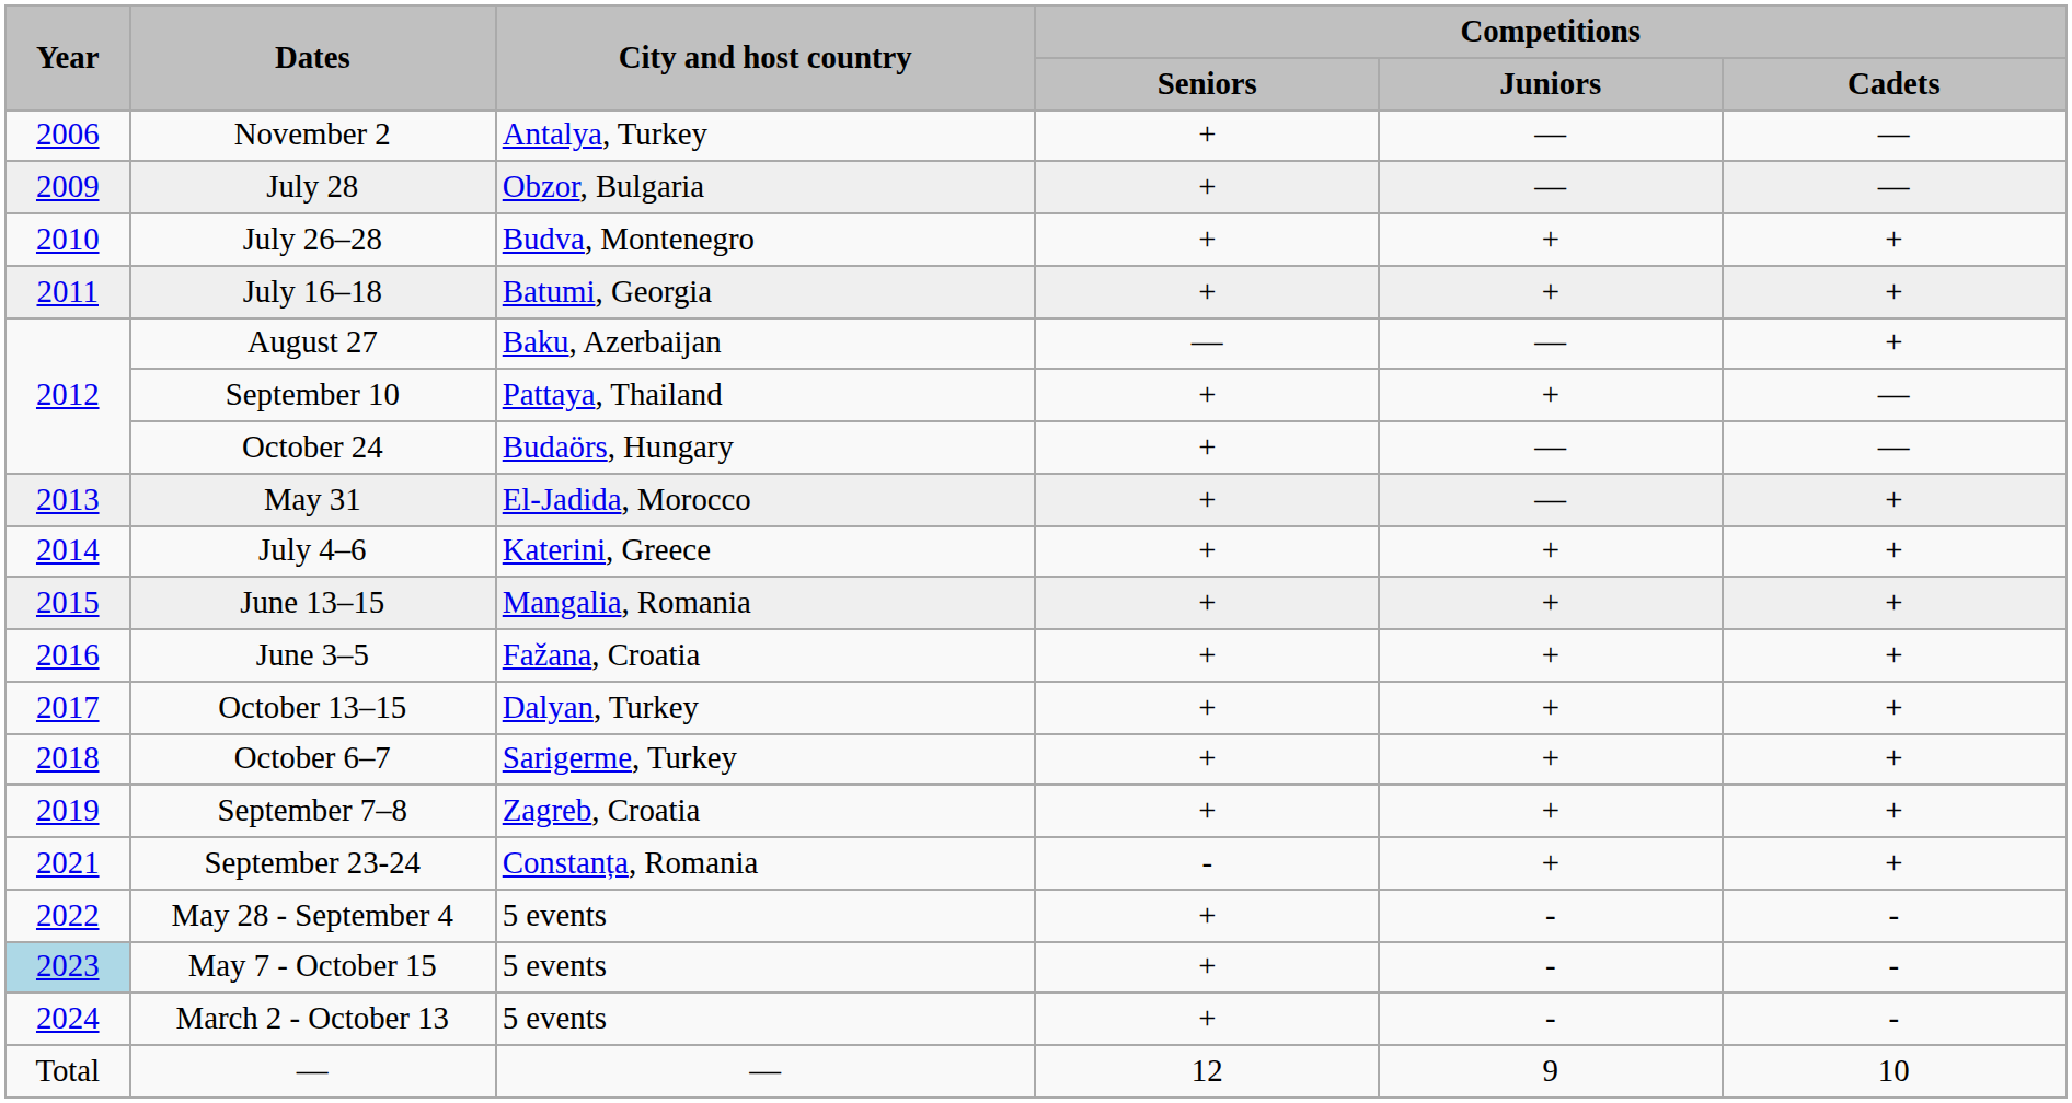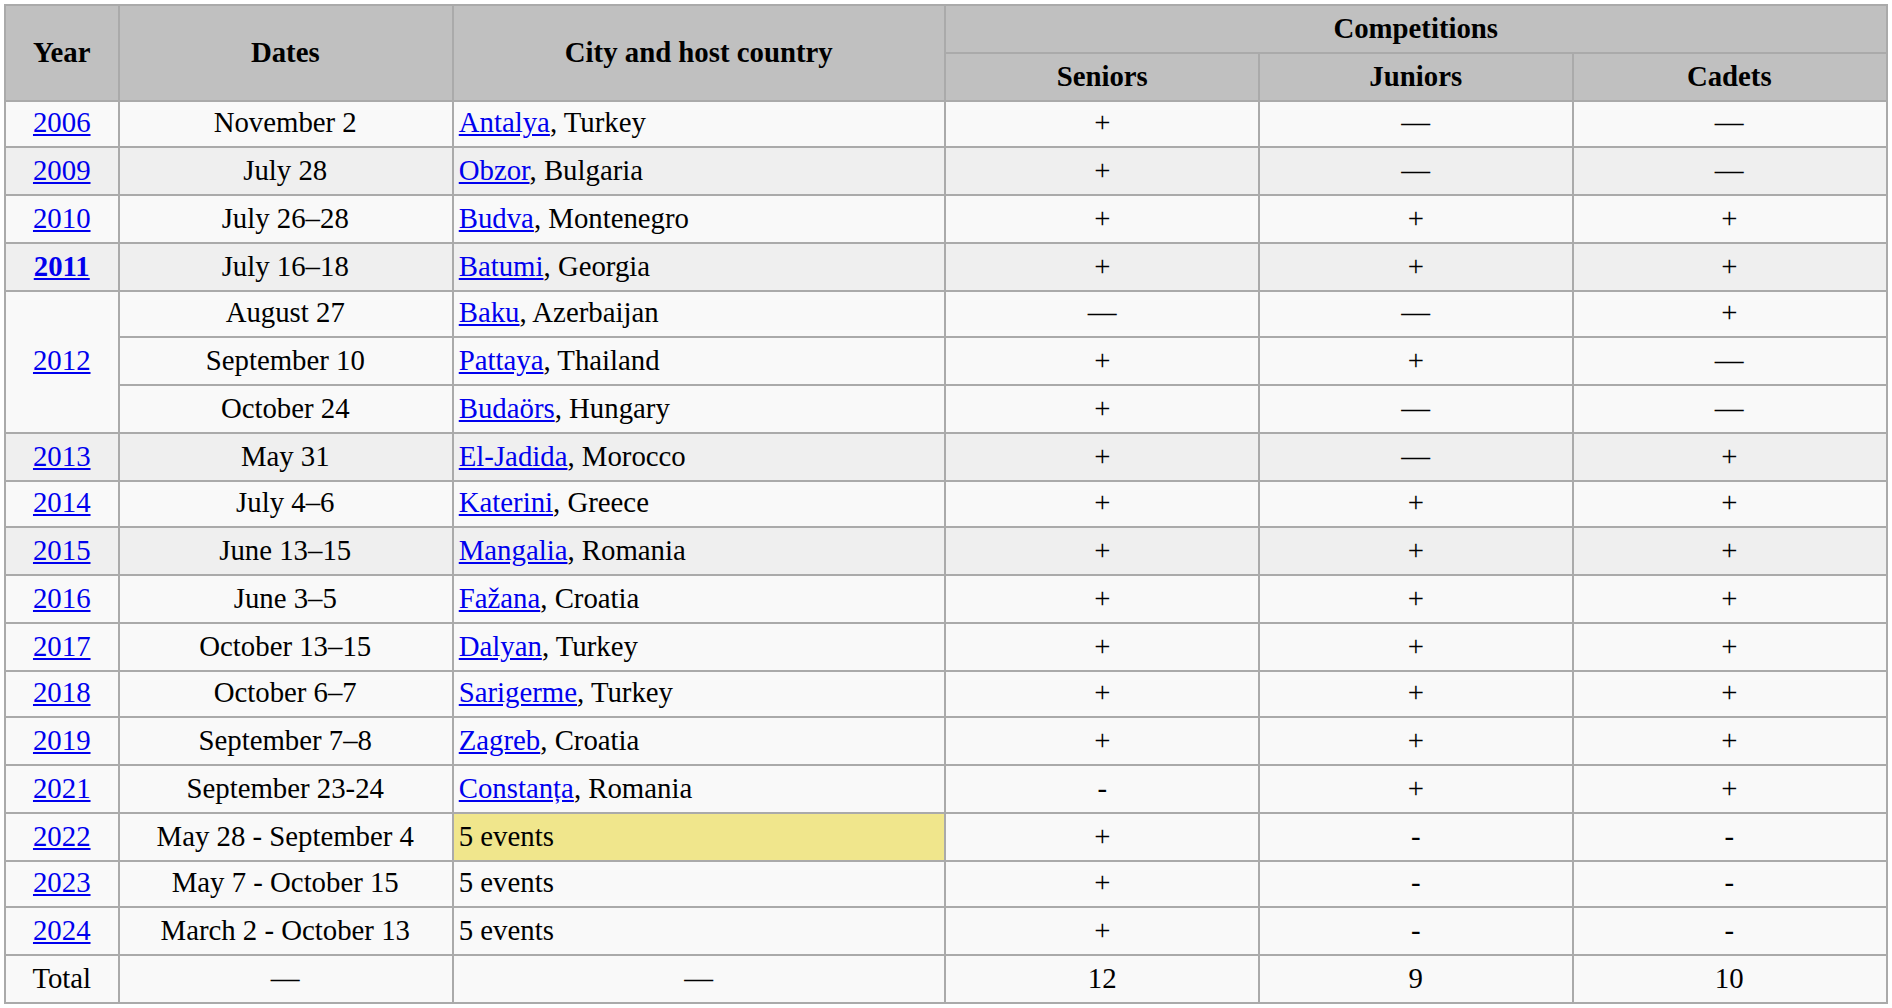 <table class="wikitable" style="text-align:center; font-size:90%">
 <tr>
 <th rowspan=2 style="width: 50px; background-color:#C0C0C0">Year</th>
 <th rowspan=2 style="width: 160px; background-color:#C0C0C0">Dates</th>
 <th rowspan=2 style="width: 240px; background-color:#C0C0C0">City and host country</th>
 <th colspan=3 style="width: 20px; background-color:#C0C0C0">Competitions</th>
 </tr>
 <tr>
 <th style="width: 150px; background-color:#C0C0C0">Seniors</th>
 <th style="width: 150px; background-color:#C0C0C0">Juniors</th>
 <th style="width: 150px; background-color:#C0C0C0">Cadets</th>
 </tr>
 <tr>
 <td><a href='#'>2006</a></td>
 <td>November 2</td>
 <td align="left"> <a href='#'>Antalya</a>, Turkey</td>
 <td>+</td>
 <td>—</td>
 <td>—</td>
 </tr>
 <tr bgcolor="efefef">
 <td><a href='#'>2009</a></td>
 <td>July 28</td>
 <td align="left"> <a href='#'>Obzor</a>, Bulgaria</td>
 <td>+</td>
 <td>—</td>
 <td>—</td>
 </tr>
 <tr>
 <td><a href='#'>2010</a></td>
 <td>July 26–28</td>
 <td align="left"> <a href='#'>Budva</a>, Montenegro</td>
 <td>+</td>
 <td>+</td>
 <td>+</td>
 </tr>
 <tr bgcolor="efefef">
-<td><a href='#'>2011</a></td>
+<td><strong><a href='#'>2011</a></strong></td>
 <td>July 16–18</td>
 <td align="left"> <a href='#'>Batumi</a>, Georgia</td>
 <td>+</td>
 <td>+</td>
 <td>+</td>
 </tr>
 <tr>
 <td rowspan=3><a href='#'>2012</a></td>
 <td>August 27</td>
 <td align="left"> <a href='#'>Baku</a>, Azerbaijan</td>
 <td>—</td>
 <td>—</td>
 <td>+</td>
 </tr>
 <tr>
 <td>September 10</td>
 <td align="left"> <a href='#'>Pattaya</a>, Thailand</td>
 <td>+</td>
 <td>+</td>
 <td>—</td>
 </tr>
 <tr>
 <td>October 24</td>
 <td align="left"> <a href='#'>Budaörs</a>, Hungary</td>
 <td>+</td>
 <td>—</td>
 <td>—</td>
 </tr>
 <tr bgcolor="efefef">
 <td><a href='#'>2013</a></td>
 <td>May 31</td>
 <td align="left"> <a href='#'>El-Jadida</a>, Morocco</td>
 <td>+</td>
 <td>—</td>
 <td>+</td>
 </tr>
 <tr>
 <td><a href='#'>2014</a></td>
 <td>July 4–6</td>
 <td align="left"> <a href='#'>Katerini</a>, Greece</td>
 <td>+</td>
 <td>+</td>
 <td>+</td>
 </tr>
 <tr bgcolor="efefef">
 <td><a href='#'>2015</a></td>
 <td>June 13–15</td>
 <td align="left"> <a href='#'>Mangalia</a>, Romania</td>
 <td>+</td>
 <td>+</td>
 <td>+</td>
 </tr>
 <tr>
 <td><a href='#'>2016</a></td>
 <td>June 3–5</td>
 <td align="left"> <a href='#'>Fažana</a>, Croatia</td>
 <td>+</td>
 <td>+</td>
 <td>+</td>
 </tr>
 <tr>
 <td><a href='#'>2017</a></td>
 <td>October 13–15</td>
 <td align="left"> <a href='#'>Dalyan</a>, Turkey</td>
 <td>+</td>
 <td>+</td>
 <td>+</td>
 </tr>
 <tr>
 <td><a href='#'>2018</a></td>
 <td>October 6–7</td>
 <td align="left"> <a href='#'>Sarigerme</a>, Turkey</td>
 <td>+</td>
 <td>+</td>
 <td>+</td>
 </tr>
 <tr>
 <td><a href='#'>2019</a></td>
 <td>September 7–8</td>
 <td align="left"> <a href='#'>Zagreb</a>, Croatia</td>
 <td>+</td>
 <td>+</td>
 <td>+</td>
 </tr>
 <tr>
 <td><a href='#'>2021</a></td>
 <td>September 23-24</td>
 <td align="left"> <a href='#'>Constanța</a>, Romania</td>
 <td>-</td>
 <td>+</td>
 <td>+</td>
 </tr>
 <tr>
 <td><a href='#'>2022</a></td>
 <td>May 28 - September 4</td>
-<td align="left">5 events</td>
+<td align="left" style="background: khaki;">5 events</td>
 <td>+</td>
 <td>-</td>
 <td>-</td>
 </tr>
 <tr>
-<td style="background: lightblue;"><a href='#'>2023</a></td>
+<td><a href='#'>2023</a></td>
 <td>May 7 - October 15</td>
 <td align="left">5 events</td>
 <td>+</td>
 <td>-</td>
 <td>-</td>
 </tr>
 <tr>
 <td><a href='#'>2024</a></td>
 <td>March 2 - October 13</td>
 <td align="left">5 events</td>
 <td>+</td>
 <td>-</td>
 <td>-</td>
 </tr>
 <tr>
 </tr>
 <tr>
 <td>Total</td>
 <td>—</td>
 <td>—</td>
 <td>12</td>
 <td>9</td>
 <td>10</td>
 </tr>
 </table>
